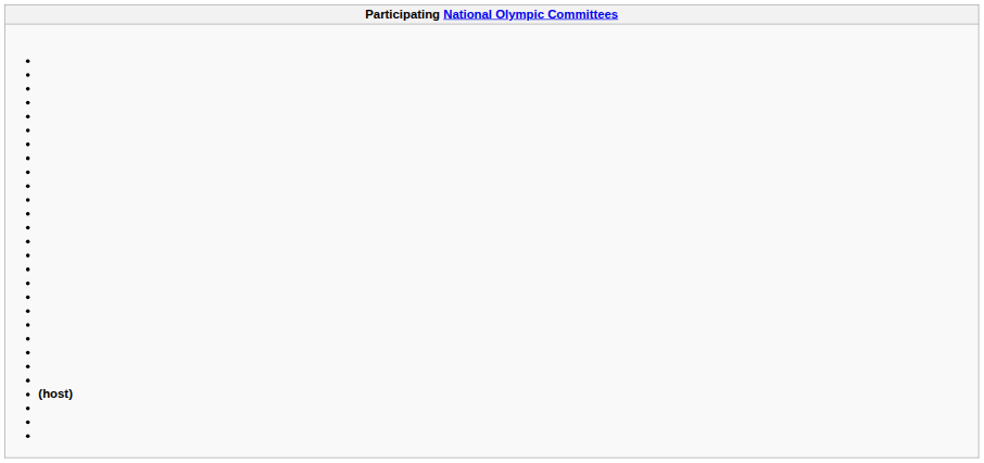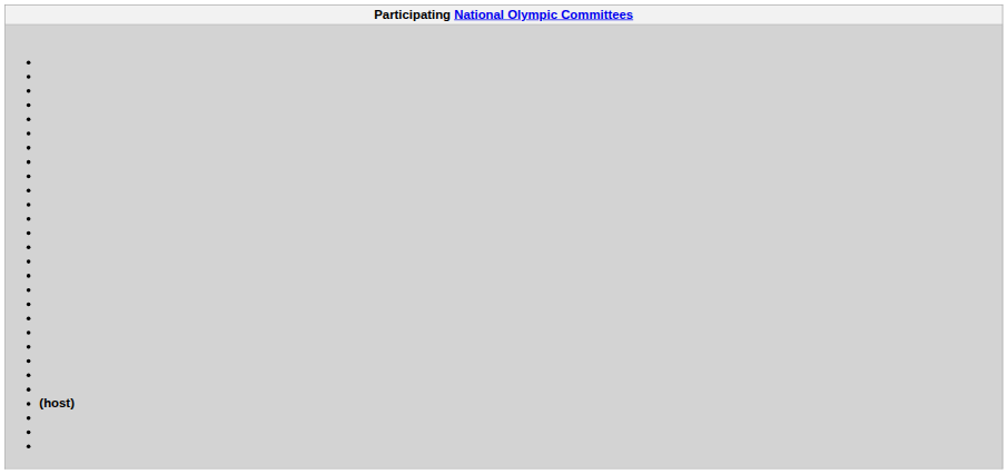 <table class="wikitable collapsible" style="width:100%;">
 <tr>
 <th>Participating <a href='#'>National Olympic Committees</a></th>
 </tr>
 <tr>
-<td><br><ul><li></li><li></li><li></li><li></li><li></li><li></li><li></li><li></li><li></li><li></li><li></li><li></li><li></li><li></li><li></li><li></li><li></li><li></li><li></li><li></li><li></li><li></li><li></li><li></li><li> <strong>(host)</strong></li><li></li><li></li><li></li></ul></td>
+<td style="background: lightgrey;"><br><ul><li></li><li></li><li></li><li></li><li></li><li></li><li></li><li></li><li></li><li></li><li></li><li></li><li></li><li></li><li></li><li></li><li></li><li></li><li></li><li></li><li></li><li></li><li></li><li></li><li> <strong>(host)</strong></li><li></li><li></li><li></li></ul></td>
 </tr>
 </table>
